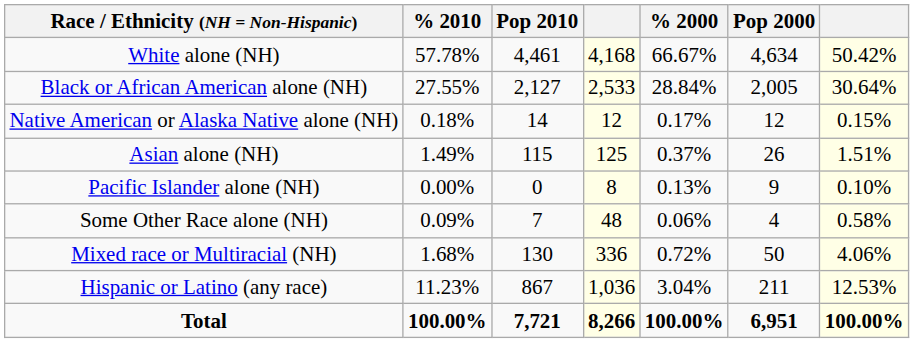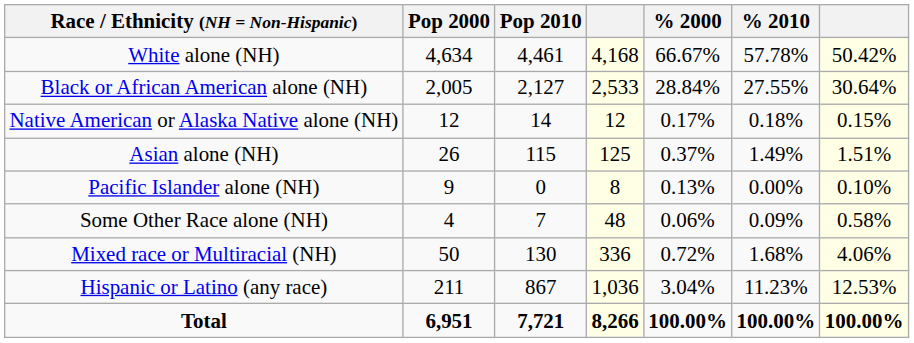 <table class="wikitable" style="text-align:center;">
 <tr>
 <th>Race / Ethnicity <small>(<em>NH = Non-Hispanic</em>)</small></th>
-<th>% 2010</th>
+<th>Pop 2000</th>
 <th>Pop 2010</th>
 <th></th>
 <th>% 2000</th>
-<th>Pop 2000</th>
+<th>% 2010</th>
 <th></th>
 </tr>
 <tr>
 <td><a href='#'>White</a> alone (NH)</td>
-<td>57.78%</td>
+<td>4,634</td>
 <td>4,461</td>
 <td style='background: #ffffe6;'>4,168</td>
 <td>66.67%</td>
-<td>4,634</td>
+<td>57.78%</td>
 <td style='background: #ffffe6;'>50.42%</td>
 </tr>
 <tr>
 <td><a href='#'>Black or African American</a> alone (NH)</td>
-<td>27.55%</td>
+<td>2,005</td>
 <td>2,127</td>
 <td style='background: #ffffe6;'>2,533</td>
 <td>28.84%</td>
-<td>2,005</td>
+<td>27.55%</td>
 <td style='background: #ffffe6;'>30.64%</td>
 </tr>
 <tr>
 <td><a href='#'>Native American</a> or <a href='#'>Alaska Native</a> alone (NH)</td>
-<td>0.18%</td>
+<td>12</td>
 <td>14</td>
 <td style='background: #ffffe6;'>12</td>
 <td>0.17%</td>
-<td>12</td>
+<td>0.18%</td>
 <td style='background: #ffffe6;'>0.15%</td>
 </tr>
 <tr>
 <td><a href='#'>Asian</a> alone (NH)</td>
-<td>1.49%</td>
+<td>26</td>
 <td>115</td>
 <td style='background: #ffffe6;'>125</td>
 <td>0.37%</td>
-<td>26</td>
+<td>1.49%</td>
 <td style='background: #ffffe6;'>1.51%</td>
 </tr>
 <tr>
 <td><a href='#'>Pacific Islander</a> alone (NH)</td>
-<td>0.00%</td>
+<td>9</td>
 <td>0</td>
 <td style='background: #ffffe6;'>8</td>
 <td>0.13%</td>
-<td>9</td>
+<td>0.00%</td>
 <td style='background: #ffffe6;'>0.10%</td>
 </tr>
 <tr>
 <td>Some Other Race alone (NH)</td>
-<td>0.09%</td>
+<td>4</td>
 <td>7</td>
 <td style='background: #ffffe6;'>48</td>
 <td>0.06%</td>
-<td>4</td>
+<td>0.09%</td>
 <td style='background: #ffffe6;'>0.58%</td>
 </tr>
 <tr>
 <td><a href='#'>Mixed race or Multiracial</a> (NH)</td>
-<td>1.68%</td>
+<td>50</td>
 <td>130</td>
 <td style='background: #ffffe6;'>336</td>
 <td>0.72%</td>
-<td>50</td>
+<td>1.68%</td>
 <td style='background: #ffffe6;'>4.06%</td>
 </tr>
 <tr>
 <td><a href='#'>Hispanic or Latino</a> (any race)</td>
-<td>11.23%</td>
+<td>211</td>
 <td>867</td>
 <td style='background: #ffffe6;'>1,036</td>
 <td>3.04%</td>
-<td>211</td>
+<td>11.23%</td>
 <td style='background: #ffffe6;'>12.53%</td>
 </tr>
 <tr>
 <td><strong>Total</strong></td>
-<td><strong>100.00%</strong></td>
+<td><strong>6,951</strong></td>
 <td><strong>7,721</strong></td>
 <td style='background: #ffffe6;'><strong>8,266</strong></td>
 <td><strong>100.00%</strong></td>
-<td><strong>6,951</strong></td>
+<td><strong>100.00%</strong></td>
 <td style='background: #ffffe6;'><strong>100.00%</strong></td>
 </tr>
 </table>
